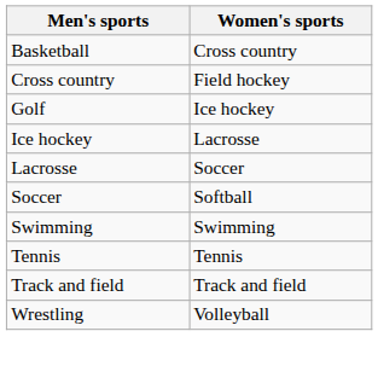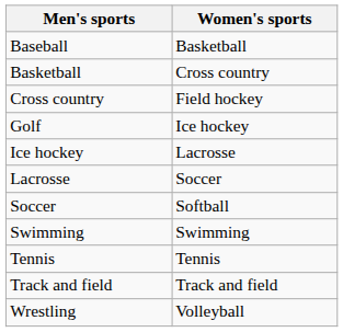 <table class="wikitable"; style="float:right; clear:right; margin-left:15px">
 <tr>
 <th width=150px>Men's sports</th>
 <th width=150px>Women's sports</th>
+</tr>
+<tr>
+<td>Baseball</td>
+<td>Basketball</td>
 </tr>
 <tr>
 <td>Basketball</td>
 <td>Cross country</td>
 </tr>
 <tr>
 <td>Cross country</td>
 <td>Field hockey</td>
 </tr>
 <tr>
 <td>Golf</td>
 <td>Ice hockey</td>
 </tr>
 <tr>
 <td>Ice hockey</td>
 <td>Lacrosse</td>
 </tr>
 <tr>
 <td>Lacrosse</td>
 <td>Soccer</td>
 </tr>
 <tr>
 <td>Soccer</td>
 <td>Softball</td>
 </tr>
 <tr>
 <td>Swimming</td>
 <td>Swimming</td>
 </tr>
 <tr>
 <td>Tennis</td>
 <td>Tennis</td>
 </tr>
 <tr>
 <td>Track and field</td>
 <td>Track and field</td>
 </tr>
 <tr>
 <td>Wrestling</td>
 <td>Volleyball</td>
 </tr>
 </table>
